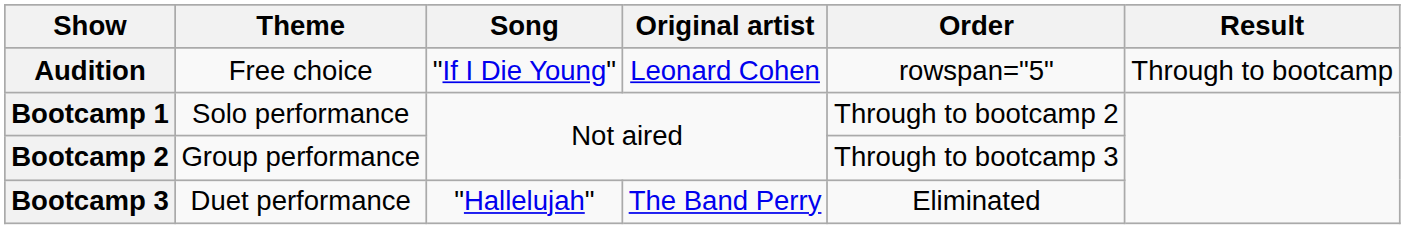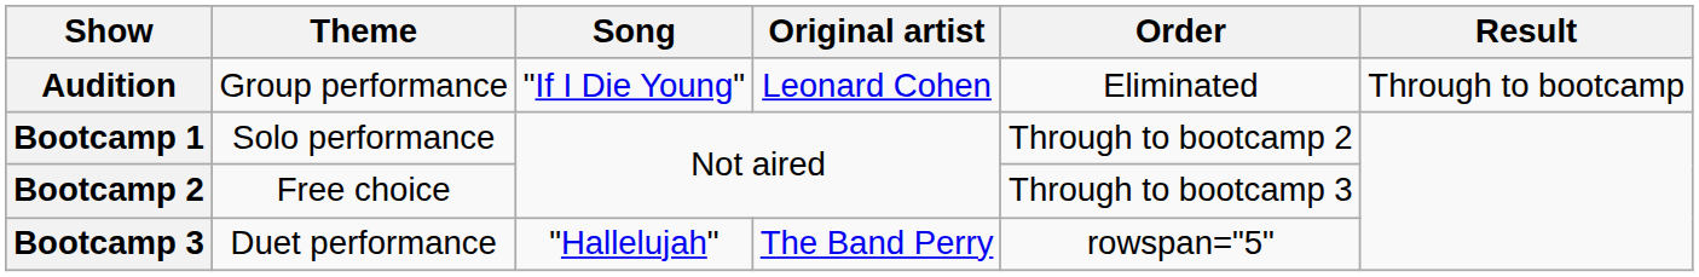 <table class="wikitable" style="text-align:center;">
 <tr>
 <th scope="col">Show</th>
 <th scope="col">Theme</th>
 <th scope="col">Song</th>
 <th scope="col">Original artist</th>
 <th scope="col">Order</th>
 <th scope="col">Result</th>
 </tr>
 <tr>
 <th scope="row">Audition</th>
-<td>Free choice</td>
+<td>Group performance</td>
 <td>"<a href='#'>If I Die Young</a>"</td>
 <td><a href='#'>Leonard Cohen</a></td>
-<td>rowspan="5" </td>
+<td>Eliminated</td>
 <td>Through to bootcamp</td>
 </tr>
 <tr>
 <th scope="row">Bootcamp 1</th>
 <td>Solo performance</td>
 <td colspan=2 rowspan=2>Not aired</td>
 <td>Through to bootcamp 2</td>
 </tr>
 <tr>
 <th scope="row">Bootcamp 2</th>
-<td>Group performance</td>
+<td>Free choice</td>
 <td>Through to bootcamp 3</td>
 </tr>
 <tr>
 <th scope="row">Bootcamp 3</th>
 <td>Duet performance</td>
 <td>"<a href='#'>Hallelujah</a>"</td>
 <td><a href='#'>The Band Perry</a></td>
-<td>Eliminated</td>
+<td>rowspan="5" </td>
 </tr>
 </table>
